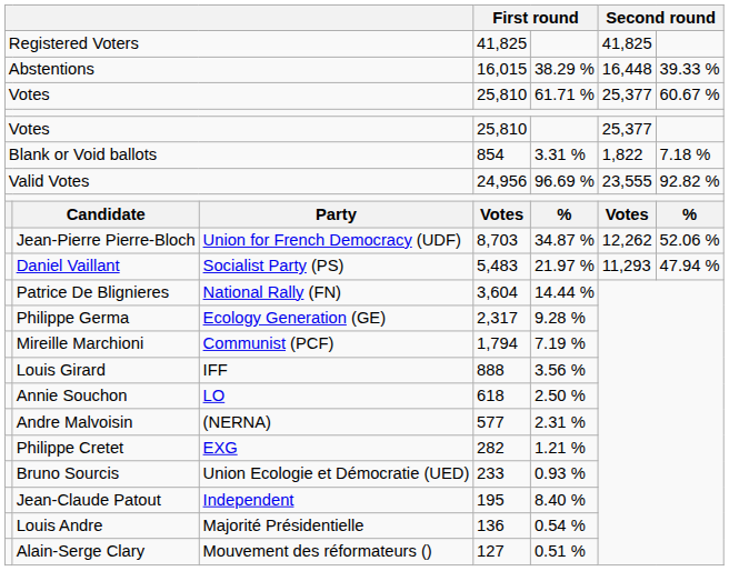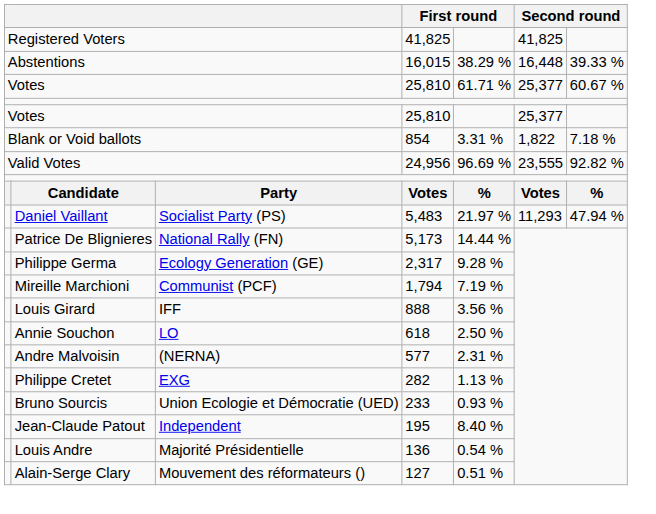 <table class="wikitable">
 <tr>
 <th colspan="3"></th>
 <th colspan="2">First round</th>
 <th colspan="2">Second round</th>
 </tr>
 <tr>
 <td colspan="3">Registered Voters</td>
 <td>41,825</td>
 <td></td>
 <td>41,825</td>
 <td></td>
 </tr>
 <tr>
 <td colspan="3">Abstentions</td>
 <td>16,015</td>
 <td>38.29 %</td>
 <td>16,448</td>
 <td>39.33 %</td>
 </tr>
 <tr>
 <td colspan="3">Votes</td>
 <td>25,810</td>
 <td>61.71 %</td>
 <td>25,377</td>
 <td>60.67 %</td>
 </tr>
 <tr>
 <td colspan="7"></td>
 </tr>
 <tr>
 <td colspan="3">Votes</td>
 <td>25,810</td>
 <td></td>
 <td>25,377</td>
 <td></td>
 </tr>
 <tr>
 <td colspan="3">Blank or Void ballots</td>
 <td>854</td>
 <td>3.31 %</td>
 <td>1,822</td>
 <td>7.18 %</td>
 </tr>
 <tr>
 <td colspan="3">Valid Votes</td>
 <td>24,956</td>
 <td>96.69 %</td>
 <td>23,555</td>
 <td>92.82 %</td>
 </tr>
 <tr>
 <td colspan="7"></td>
 </tr>
 <tr>
 <th></th>
 <th>Candidate</th>
 <th>Party</th>
 <th>Votes</th>
 <th>%</th>
 <th>Votes</th>
 <th>%</th>
 </tr>
 <tr>
 <td style="background-color:"></td>
-<td>Jean-Pierre Pierre-Bloch</td>
-<td><a href='#'>Union for French Democracy</a> (UDF)</td>
-<td>8,703</td>
-<td>34.87 %</td>
-<td>12,262</td>
-<td>52.06 %</td>
-</tr>
-<tr>
-<td style="background-color:"></td>
 <td><a href='#'>Daniel Vaillant</a></td>
 <td><a href='#'>Socialist Party</a> (PS)</td>
 <td>5,483</td>
 <td>21.97 %</td>
 <td>11,293</td>
 <td>47.94 %</td>
 </tr>
 <tr>
 <td style="background-color:"></td>
 <td>Patrice De Blignieres</td>
 <td><a href='#'>National Rally</a> (FN)</td>
-<td>3,604</td>
+<td>5,173</td>
 <td>14.44 %</td>
 </tr>
 <tr>
 <td></td>
 <td>Philippe Germa</td>
 <td><a href='#'>Ecology Generation</a> (GE)</td>
 <td>2,317</td>
 <td>9.28 %</td>
 </tr>
 <tr>
 <td style="background-color:"></td>
 <td>Mireille Marchioni</td>
 <td><a href='#'>Communist</a> (PCF)</td>
 <td>1,794</td>
 <td>7.19 %</td>
 </tr>
 <tr>
 <td></td>
 <td>Louis Girard</td>
 <td>IFF</td>
 <td>888</td>
 <td>3.56 %</td>
 </tr>
 <tr>
 <td style="background-color:"></td>
 <td>Annie Souchon</td>
 <td><a href='#'>LO</a></td>
 <td>618</td>
 <td>2.50 %</td>
 </tr>
 <tr>
 <td></td>
 <td>Andre Malvoisin</td>
 <td> (NERNA)</td>
 <td>577</td>
 <td>2.31 %</td>
 </tr>
 <tr>
 <td></td>
 <td>Philippe Cretet</td>
 <td><a href='#'>EXG</a></td>
 <td>282</td>
-<td>1.21 %</td>
+<td>1.13 %</td>
 </tr>
 <tr>
 <td></td>
 <td>Bruno Sourcis</td>
 <td>Union Ecologie et Démocratie (UED)</td>
 <td>233</td>
 <td>0.93 %</td>
 </tr>
 <tr>
 <td></td>
 <td>Jean-Claude Patout</td>
 <td><a href='#'>Independent</a></td>
 <td>195</td>
 <td>8.40 %</td>
 </tr>
 <tr>
 <td></td>
 <td>Louis Andre</td>
 <td>Majorité Présidentielle</td>
 <td>136</td>
 <td>0.54 %</td>
 </tr>
 <tr>
 <td></td>
 <td>Alain-Serge Clary</td>
 <td>Mouvement des réformateurs ()</td>
 <td>127</td>
 <td>0.51 %</td>
 </tr>
 </table>
